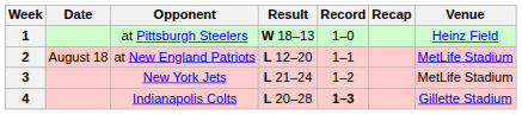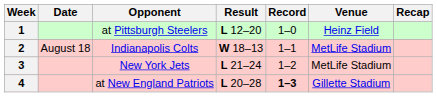 <table class="wikitable" style="text-align:center">
 <tr>
 <th>Week</th>
 <th>Date</th>
 <th>Opponent</th>
 <th>Result</th>
 <th>Record</th>
+<th>Venue</th>
 <th>Recap</th>
-<th>Venue</th>
 </tr>
 <tr style="background:#cfc">
 <th>1</th>
 <td></td>
 <td>at <a href='#'>Pittsburgh Steelers</a></td>
-<td><strong>W</strong> 18–13</td>
+<td><strong>L</strong> 12–20</td>
 <td>1–0</td>
+<td><a href='#'>Heinz Field</a></td>
 <td></td>
-<td><a href='#'>Heinz Field</a></td>
 </tr>
 <tr style="background:#fcc">
 <th>2</th>
 <td>August 18</td>
-<td>at <a href='#'>New England Patriots</a></td>
-<td><strong>L</strong> 12–20</td>
+<td><a href='#'>Indianapolis Colts</a></td>
+<td><strong>W</strong> 18–13</td>
 <td>1–1</td>
+<td><a href='#'>MetLife Stadium</a></td>
 <td></td>
-<td><a href='#'>MetLife Stadium</a></td>
 </tr>
 <tr style="background:#fcc">
 <th>3</th>
 <td></td>
 <td><a href='#'>New York Jets</a></td>
 <td><strong>L</strong> 21–24 </td>
 <td>1–2</td>
+<td>MetLife Stadium</td>
 <td></td>
-<td>MetLife Stadium</td>
 </tr>
 <tr style="background:#fcc">
 <th>4</th>
 <td></td>
-<td><a href='#'>Indianapolis Colts</a></td>
+<td>at <a href='#'>New England Patriots</a></td>
 <td><strong>L</strong> 20–28</td>
 <td><strong>1–3</strong></td>
+<td><a href='#'>Gillette Stadium</a></td>
 <td></td>
-<td><a href='#'>Gillette Stadium</a></td>
 </tr>
 </table>
